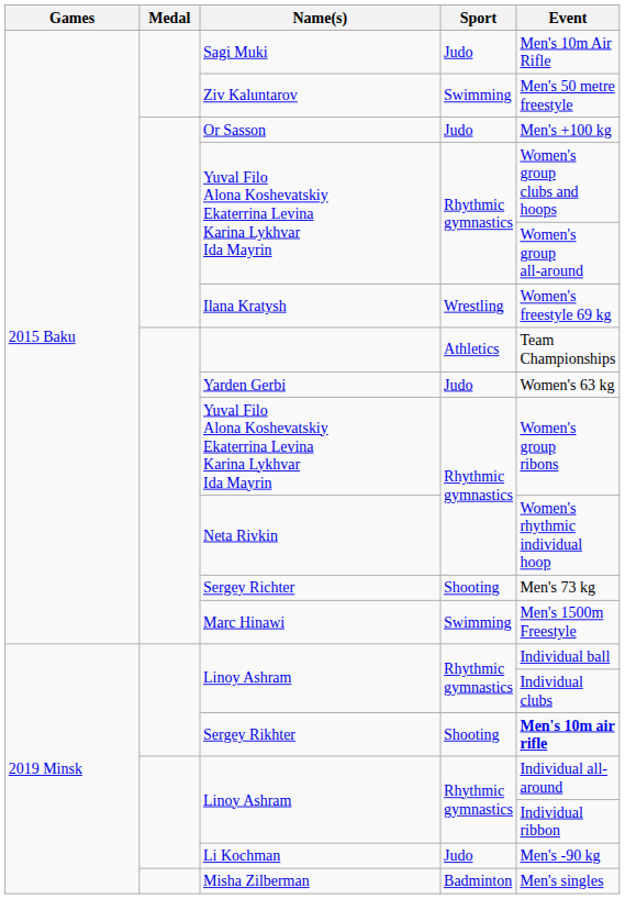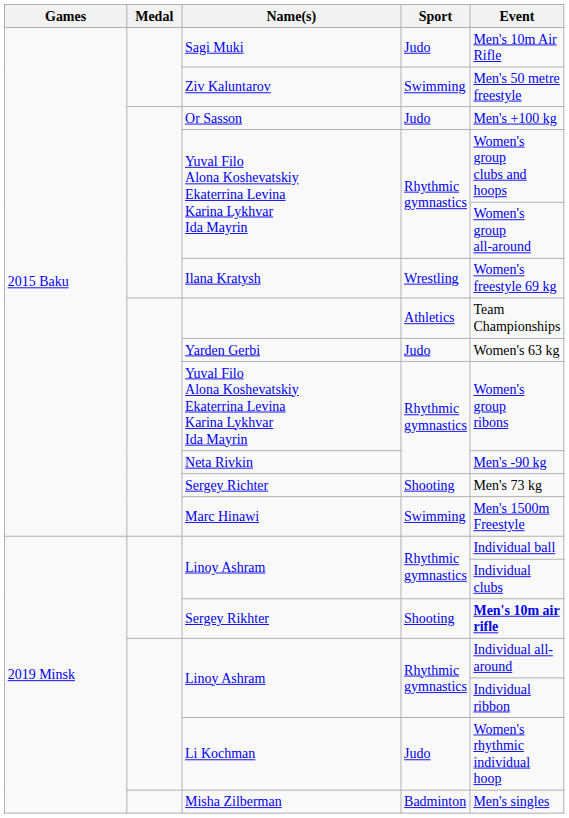 <table class="wikitable sortable" style="font-size: 95%;">
 <tr>
 <th style="width:12em">Games</th>
 <th style="width:4em">Medal</th>
 <th style="width:22em">Name(s)</th>
 <th>Sport</th>
 <th>Event</th>
 </tr>
 <tr>
 <td rowspan=12> <a href='#'>2015 Baku</a></td>
 <td rowspan=2></td>
 <td><a href='#'>Sagi Muki</a></td>
 <td> <a href='#'>Judo</a></td>
 <td><a href='#'>Men's 10m Air Rifle</a></td>
 </tr>
 <tr>
 <td><a href='#'>Ziv Kaluntarov</a></td>
 <td> <a href='#'>Swimming</a></td>
 <td><a href='#'>Men's 50 metre freestyle</a></td>
 </tr>
 <tr>
 <td rowspan=4></td>
 <td><a href='#'>Or Sasson</a></td>
 <td> <a href='#'>Judo</a></td>
 <td><a href='#'>Men's +100 kg</a></td>
 </tr>
 <tr>
 <td rowspan=2><a href='#'>Yuval Filo</a><br><a href='#'>Alona Koshevatskiy</a><br><a href='#'>Ekaterrina Levina</a><br><a href='#'>Karina Lykhvar</a><br><a href='#'>Ida Mayrin</a></td>
 <td rowspan=2> <a href='#'>Rhythmic gymnastics</a></td>
 <td><a href='#'>Women's group<br>clubs and hoops</a></td>
 </tr>
 <tr>
 <td><a href='#'>Women's group<br>all-around</a></td>
 </tr>
 <tr>
 <td><a href='#'>Ilana Kratysh</a></td>
 <td> <a href='#'>Wrestling</a></td>
 <td><a href='#'>Women's freestyle 69 kg</a></td>
 </tr>
 <tr>
 <td rowspan=6></td>
 <td></td>
 <td> <a href='#'>Athletics</a></td>
 <td>Team Championships</td>
 </tr>
 <tr>
 <td><a href='#'>Yarden Gerbi</a></td>
 <td> <a href='#'>Judo</a></td>
 <td>Women's 63 kg</td>
 </tr>
 <tr>
 <td><a href='#'>Yuval Filo</a><br><a href='#'>Alona Koshevatskiy</a><br><a href='#'>Ekaterrina Levina</a><br><a href='#'>Karina Lykhvar</a><br><a href='#'>Ida Mayrin</a></td>
 <td rowspan=2> <a href='#'>Rhythmic gymnastics</a></td>
 <td><a href='#'>Women's group<br>ribons</a></td>
 </tr>
 <tr>
 <td><a href='#'>Neta Rivkin</a></td>
-<td><a href='#'>Women's rhythmic<br>individual hoop</a></td>
+<td><a href='#'>Men's -90 kg</a></td>
 </tr>
 <tr>
 <td><a href='#'>Sergey Richter</a></td>
 <td> <a href='#'>Shooting</a></td>
 <td>Men's 73 kg</td>
 </tr>
 <tr>
 <td><a href='#'>Marc Hinawi</a></td>
 <td> <a href='#'>Swimming</a></td>
 <td><a href='#'>Men's 1500m Freestyle</a></td>
 </tr>
 <tr>
 <td rowspan=7> <a href='#'>2019 Minsk</a></td>
 <td rowspan=3></td>
 <td rowspan=2><a href='#'>Linoy Ashram</a></td>
 <td rowspan=2> <a href='#'>Rhythmic gymnastics</a></td>
 <td><a href='#'>Individual ball</a></td>
 </tr>
 <tr>
 <td><a href='#'>Individual clubs</a></td>
 </tr>
 <tr>
 <td><a href='#'>Sergey Rikhter</a></td>
 <td> <a href='#'>Shooting</a></td>
 <td><strong><a href='#'>Men's 10m air rifle</a></strong></td>
 </tr>
 <tr>
 <td rowspan=3></td>
 <td rowspan=2><a href='#'>Linoy Ashram</a></td>
 <td rowspan=2> <a href='#'>Rhythmic gymnastics</a></td>
 <td><a href='#'>Individual all-around</a></td>
 </tr>
 <tr>
 <td><a href='#'>Individual ribbon</a></td>
 </tr>
 <tr>
 <td><a href='#'>Li Kochman</a></td>
 <td> <a href='#'>Judo</a></td>
-<td><a href='#'>Men's -90 kg</a></td>
+<td><a href='#'>Women's rhythmic<br>individual hoop</a></td>
 </tr>
 <tr>
 <td></td>
 <td><a href='#'>Misha Zilberman</a></td>
 <td> <a href='#'>Badminton</a></td>
 <td><a href='#'>Men's singles</a></td>
 </tr>
 </table>
